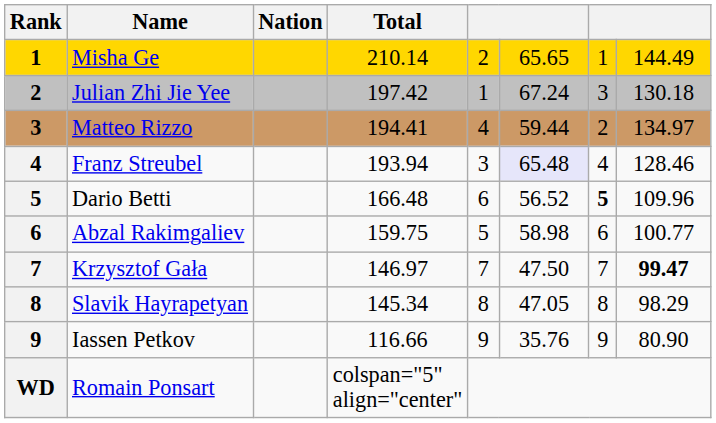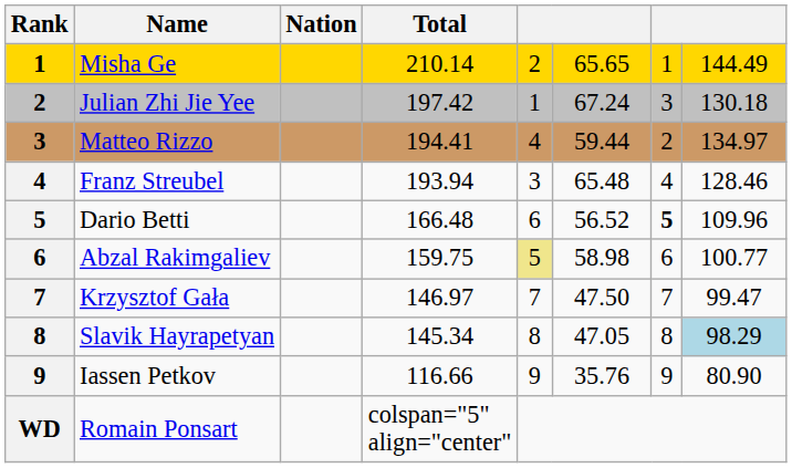 <table class="wikitable sortable">
 <tr>
 <th>Rank</th>
 <th>Name</th>
 <th>Nation</th>
 <th width="80px">Total</th>
 <th colspan="2" width="80px"></th>
 <th colspan="2" width="80px"></th>
 </tr>
 <tr bgcolor="gold">
 <td align="center"><strong>1</strong></td>
 <td><a href='#'>Misha Ge</a></td>
 <td></td>
 <td align="center">210.14</td>
 <td align="center">2</td>
 <td align="center">65.65</td>
 <td align="center">1</td>
 <td align="center">144.49</td>
 </tr>
 <tr bgcolor="silver">
 <td align="center"><strong>2</strong></td>
 <td><a href='#'>Julian Zhi Jie Yee</a></td>
 <td></td>
 <td align="center">197.42</td>
 <td align="center">1</td>
 <td align="center">67.24</td>
 <td align="center">3</td>
 <td align="center">130.18</td>
 </tr>
 <tr bgcolor="cc9966">
 <td align="center"><strong>3</strong></td>
 <td><a href='#'>Matteo Rizzo</a></td>
 <td></td>
 <td align="center">194.41</td>
 <td align="center">4</td>
 <td align="center">59.44</td>
 <td align="center">2</td>
 <td align="center">134.97</td>
 </tr>
 <tr>
 <th>4</th>
 <td><a href='#'>Franz Streubel</a></td>
 <td></td>
 <td align="center">193.94</td>
 <td align="center">3</td>
-<td align="center" style="background: lavender;">65.48</td>
+<td align="center">65.48</td>
 <td align="center">4</td>
 <td align="center">128.46</td>
 </tr>
 <tr>
 <th>5</th>
 <td>Dario Betti</td>
 <td></td>
 <td align="center">166.48</td>
 <td align="center">6</td>
 <td align="center">56.52</td>
 <td align="center"><strong>5</strong></td>
 <td align="center">109.96</td>
 </tr>
 <tr>
 <th>6</th>
 <td><a href='#'>Abzal Rakimgaliev</a></td>
 <td></td>
 <td align="center">159.75</td>
-<td align="center">5</td>
+<td align="center" style="background: khaki;">5</td>
 <td align="center">58.98</td>
 <td align="center">6</td>
 <td align="center">100.77</td>
 </tr>
 <tr>
 <th>7</th>
 <td><a href='#'>Krzysztof Gała</a></td>
 <td></td>
 <td align="center">146.97</td>
 <td align="center">7</td>
 <td align="center">47.50</td>
 <td align="center">7</td>
-<td align="center"><strong>99.47</strong></td>
+<td align="center">99.47</td>
 </tr>
 <tr>
 <th>8</th>
 <td><a href='#'>Slavik Hayrapetyan</a></td>
 <td></td>
 <td align="center">145.34</td>
 <td align="center">8</td>
 <td align="center">47.05</td>
 <td align="center">8</td>
-<td align="center">98.29</td>
+<td align="center" style="background: lightblue;">98.29</td>
 </tr>
 <tr>
 <th>9</th>
 <td>Iassen Petkov</td>
 <td></td>
 <td align="center">116.66</td>
 <td align="center">9</td>
 <td align="center">35.76</td>
 <td align="center">9</td>
 <td align="center">80.90</td>
 </tr>
 <tr>
 <th>WD</th>
 <td><a href='#'>Romain Ponsart</a></td>
 <td></td>
 <td>colspan="5" align="center" </td>
 </tr>
 </table>
